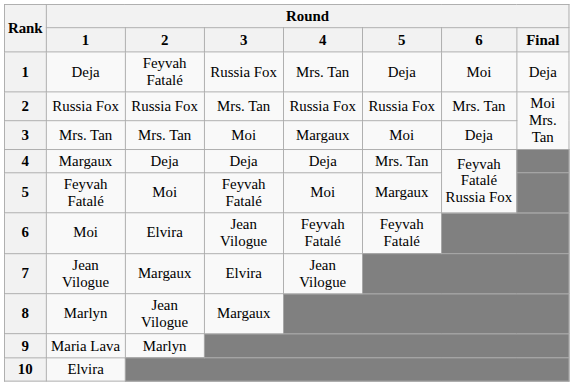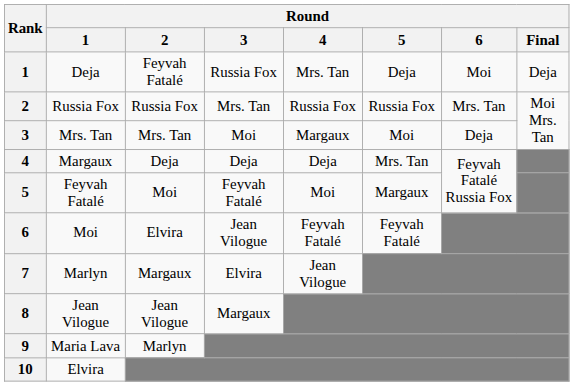 <table class="wikitable" style="text-align:center;">
 <tr>
 <th rowspan="2" scope="col">Rank</th>
 <th colspan="7" scope="col">Round</th>
 </tr>
 <tr>
 <th scope="col">1</th>
 <th scope="col">2</th>
 <th scope="col">3</th>
 <th scope="col">4</th>
 <th scope="col">5</th>
 <th scope="col">6</th>
 <th>Final</th>
 </tr>
 <tr>
 <th scope="row">1</th>
 <td>Deja</td>
 <td>Feyvah Fatalé</td>
 <td>Russia Fox</td>
 <td>Mrs. Tan</td>
 <td>Deja</td>
 <td>Moi</td>
 <td>Deja</td>
 </tr>
 <tr>
 <th scope="row">2</th>
 <td>Russia Fox</td>
 <td>Russia Fox</td>
 <td>Mrs. Tan</td>
 <td>Russia Fox</td>
 <td>Russia Fox</td>
 <td>Mrs. Tan</td>
 <td rowspan="2">Moi<br>Mrs. Tan</td>
 </tr>
 <tr>
 <th scope="row">3</th>
 <td>Mrs. Tan</td>
 <td>Mrs. Tan</td>
 <td>Moi</td>
 <td>Margaux</td>
 <td>Moi</td>
 <td>Deja</td>
 </tr>
 <tr>
 <th scope="row">4</th>
 <td>Margaux</td>
 <td>Deja</td>
 <td>Deja</td>
 <td>Deja</td>
 <td>Mrs. Tan</td>
 <td rowspan="2">Feyvah Fatalé<br>Russia Fox</td>
 <td bgcolor="808080"></td>
 </tr>
 <tr>
 <th scope="row">5</th>
 <td>Feyvah Fatalé</td>
 <td>Moi</td>
 <td>Feyvah Fatalé</td>
 <td>Moi</td>
 <td>Margaux</td>
 <td bgcolor="808080"></td>
 </tr>
 <tr>
 <th scope="row">6</th>
 <td>Moi</td>
 <td>Elvira</td>
 <td>Jean Vilogue</td>
 <td>Feyvah Fatalé</td>
 <td>Feyvah Fatalé</td>
 <td colspan="2" bgcolor="808080"></td>
 </tr>
 <tr>
 <th scope="row">7</th>
-<td>Jean Vilogue</td>
+<td>Marlyn</td>
 <td>Margaux</td>
 <td>Elvira</td>
 <td>Jean Vilogue</td>
 <td colspan="3" bgcolor="808080"></td>
 </tr>
 <tr>
 <th scope="row">8</th>
-<td>Marlyn</td>
+<td>Jean Vilogue</td>
 <td>Jean Vilogue</td>
 <td>Margaux</td>
 <td colspan="4" bgcolor="808080"></td>
 </tr>
 <tr>
 <th scope="row">9</th>
 <td>Maria Lava</td>
 <td>Marlyn</td>
 <td colspan="5" bgcolor="808080"></td>
 </tr>
 <tr>
 <th scope="row">10</th>
 <td>Elvira</td>
 <td colspan="6" bgcolor="808080"></td>
 </tr>
 </table>
